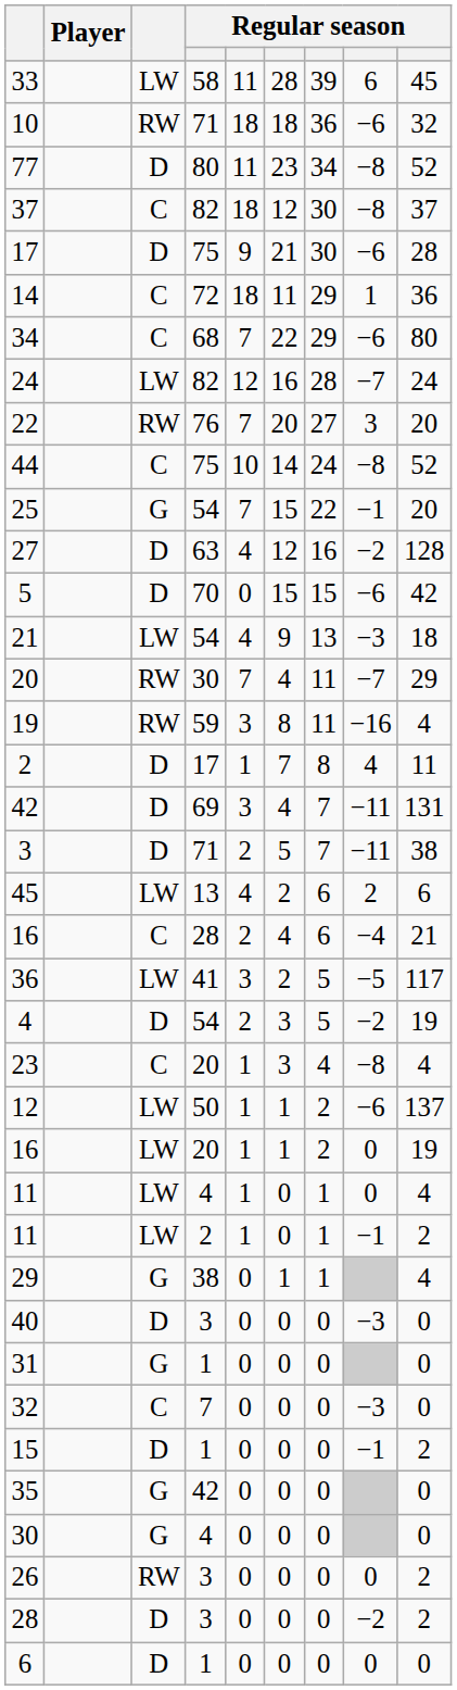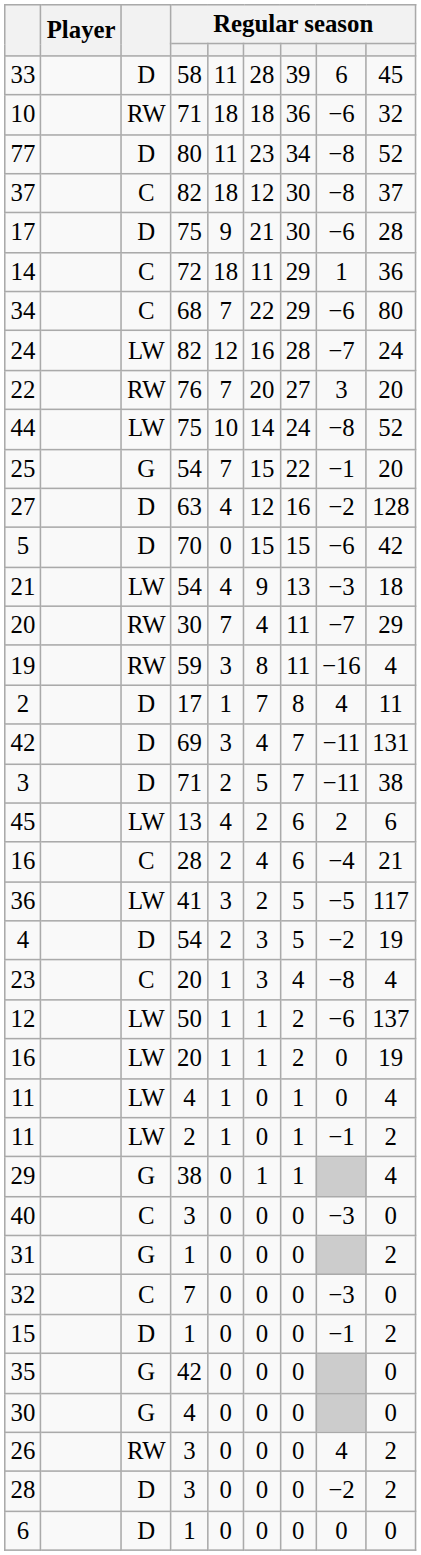 <table class="wikitable sortable plainrowheaders" style="text-align:center;">
 <tr>
 <th scope="col" data-sort-type="number" rowspan="2"></th>
 <th scope="col" rowspan="2">Player</th>
 <th scope="col" rowspan="2"></th>
 <th scope=colgroup colspan=6>Regular season</th>
 </tr>
 <tr>
 <th scope="col" data-sort-type="number"></th>
 <th scope="col" data-sort-type="number"></th>
 <th scope="col" data-sort-type="number"></th>
 <th scope="col" data-sort-type="number"></th>
 <th scope="col" data-sort-type="number"></th>
 <th scope="col" data-sort-type="number"></th>
 </tr>
 <tr>
 <td scope="row">33</td>
 <td align="left"></td>
-<td>LW</td>
+<td>D</td>
 <td>58</td>
 <td>11</td>
 <td>28</td>
 <td>39</td>
 <td>6</td>
 <td>45</td>
 </tr>
 <tr>
 <td scope="row">10</td>
 <td align="left"></td>
 <td>RW</td>
 <td>71</td>
 <td>18</td>
 <td>18</td>
 <td>36</td>
 <td>−6</td>
 <td>32</td>
 </tr>
 <tr>
 <td scope="row">77</td>
 <td align="left"></td>
 <td>D</td>
 <td>80</td>
 <td>11</td>
 <td>23</td>
 <td>34</td>
 <td>−8</td>
 <td>52</td>
 </tr>
 <tr>
 <td scope="row">37</td>
 <td align="left"></td>
 <td>C</td>
 <td>82</td>
 <td>18</td>
 <td>12</td>
 <td>30</td>
 <td>−8</td>
 <td>37</td>
 </tr>
 <tr>
 <td scope="row">17</td>
 <td align="left"></td>
 <td>D</td>
 <td>75</td>
 <td>9</td>
 <td>21</td>
 <td>30</td>
 <td>−6</td>
 <td>28</td>
 </tr>
 <tr>
 <td scope="row">14</td>
 <td align="left"></td>
 <td>C</td>
 <td>72</td>
 <td>18</td>
 <td>11</td>
 <td>29</td>
 <td>1</td>
 <td>36</td>
 </tr>
 <tr>
 <td scope="row">34</td>
 <td align="left"></td>
 <td>C</td>
 <td>68</td>
 <td>7</td>
 <td>22</td>
 <td>29</td>
 <td>−6</td>
 <td>80</td>
 </tr>
 <tr>
 <td scope="row">24</td>
 <td align="left"></td>
 <td>LW</td>
 <td>82</td>
 <td>12</td>
 <td>16</td>
 <td>28</td>
 <td>−7</td>
 <td>24</td>
 </tr>
 <tr>
 <td scope="row">22</td>
 <td align="left"></td>
 <td>RW</td>
 <td>76</td>
 <td>7</td>
 <td>20</td>
 <td>27</td>
 <td>3</td>
 <td>20</td>
 </tr>
 <tr>
 <td scope="row">44</td>
 <td align="left"></td>
-<td>C</td>
+<td>LW</td>
 <td>75</td>
 <td>10</td>
 <td>14</td>
 <td>24</td>
 <td>−8</td>
 <td>52</td>
 </tr>
 <tr>
 <td scope="row">25</td>
 <td align="left"></td>
 <td>G</td>
 <td>54</td>
 <td>7</td>
 <td>15</td>
 <td>22</td>
 <td>−1</td>
 <td>20</td>
 </tr>
 <tr>
 <td scope="row">27</td>
 <td align="left"></td>
 <td>D</td>
 <td>63</td>
 <td>4</td>
 <td>12</td>
 <td>16</td>
 <td>−2</td>
 <td>128</td>
 </tr>
 <tr>
 <td scope="row">5</td>
 <td align="left"></td>
 <td>D</td>
 <td>70</td>
 <td>0</td>
 <td>15</td>
 <td>15</td>
 <td>−6</td>
 <td>42</td>
 </tr>
 <tr>
 <td scope="row">21</td>
 <td align="left"></td>
 <td>LW</td>
 <td>54</td>
 <td>4</td>
 <td>9</td>
 <td>13</td>
 <td>−3</td>
 <td>18</td>
 </tr>
 <tr>
 <td scope="row">20</td>
 <td align="left"></td>
 <td>RW</td>
 <td>30</td>
 <td>7</td>
 <td>4</td>
 <td>11</td>
 <td>−7</td>
 <td>29</td>
 </tr>
 <tr>
 <td scope="row">19</td>
 <td align="left"></td>
 <td>RW</td>
 <td>59</td>
 <td>3</td>
 <td>8</td>
 <td>11</td>
 <td>−16</td>
 <td>4</td>
 </tr>
 <tr>
 <td scope="row">2</td>
 <td align="left"></td>
 <td>D</td>
 <td>17</td>
 <td>1</td>
 <td>7</td>
 <td>8</td>
 <td>4</td>
 <td>11</td>
 </tr>
 <tr>
 <td scope="row">42</td>
 <td align="left"></td>
 <td>D</td>
 <td>69</td>
 <td>3</td>
 <td>4</td>
 <td>7</td>
 <td>−11</td>
 <td>131</td>
 </tr>
 <tr>
 <td scope="row">3</td>
 <td align="left"></td>
 <td>D</td>
 <td>71</td>
 <td>2</td>
 <td>5</td>
 <td>7</td>
 <td>−11</td>
 <td>38</td>
 </tr>
 <tr>
 <td scope="row">45</td>
 <td align="left"></td>
 <td>LW</td>
 <td>13</td>
 <td>4</td>
 <td>2</td>
 <td>6</td>
 <td>2</td>
 <td>6</td>
 </tr>
 <tr>
 <td scope="row">16</td>
 <td align="left"></td>
 <td>C</td>
 <td>28</td>
 <td>2</td>
 <td>4</td>
 <td>6</td>
 <td>−4</td>
 <td>21</td>
 </tr>
 <tr>
 <td scope="row">36</td>
 <td align="left"></td>
 <td>LW</td>
 <td>41</td>
 <td>3</td>
 <td>2</td>
 <td>5</td>
 <td>−5</td>
 <td>117</td>
 </tr>
 <tr>
 <td scope="row">4</td>
 <td align="left"></td>
 <td>D</td>
 <td>54</td>
 <td>2</td>
 <td>3</td>
 <td>5</td>
 <td>−2</td>
 <td>19</td>
 </tr>
 <tr>
 <td scope="row">23</td>
 <td align="left"></td>
 <td>C</td>
 <td>20</td>
 <td>1</td>
 <td>3</td>
 <td>4</td>
 <td>−8</td>
 <td>4</td>
 </tr>
 <tr>
 <td scope="row">12</td>
 <td align="left"></td>
 <td>LW</td>
 <td>50</td>
 <td>1</td>
 <td>1</td>
 <td>2</td>
 <td>−6</td>
 <td>137</td>
 </tr>
 <tr>
 <td scope="row">16</td>
 <td align="left"></td>
 <td>LW</td>
 <td>20</td>
 <td>1</td>
 <td>1</td>
 <td>2</td>
 <td>0</td>
 <td>19</td>
 </tr>
 <tr>
 <td scope="row">11</td>
 <td align="left"></td>
 <td>LW</td>
 <td>4</td>
 <td>1</td>
 <td>0</td>
 <td>1</td>
 <td>0</td>
 <td>4</td>
 </tr>
 <tr>
 <td scope="row">11</td>
 <td align="left"></td>
 <td>LW</td>
 <td>2</td>
 <td>1</td>
 <td>0</td>
 <td>1</td>
 <td>−1</td>
 <td>2</td>
 </tr>
 <tr>
 <td scope="row">29</td>
 <td align="left"></td>
 <td>G</td>
 <td>38</td>
 <td>0</td>
 <td>1</td>
 <td>1</td>
 <td style="background:#ccc"></td>
 <td>4</td>
 </tr>
 <tr>
 <td scope="row">40</td>
 <td align="left"></td>
-<td>D</td>
+<td>C</td>
 <td>3</td>
 <td>0</td>
 <td>0</td>
 <td>0</td>
 <td>−3</td>
 <td>0</td>
 </tr>
 <tr>
 <td scope="row">31</td>
 <td align="left"></td>
 <td>G</td>
 <td>1</td>
 <td>0</td>
 <td>0</td>
 <td>0</td>
 <td style="background:#ccc"></td>
-<td>0</td>
+<td>2</td>
 </tr>
 <tr>
 <td scope="row">32</td>
 <td align="left"></td>
 <td>C</td>
 <td>7</td>
 <td>0</td>
 <td>0</td>
 <td>0</td>
 <td>−3</td>
 <td>0</td>
 </tr>
 <tr>
 <td scope="row">15</td>
 <td align="left"></td>
 <td>D</td>
 <td>1</td>
 <td>0</td>
 <td>0</td>
 <td>0</td>
 <td>−1</td>
 <td>2</td>
 </tr>
 <tr>
 <td scope="row">35</td>
 <td align="left"></td>
 <td>G</td>
 <td>42</td>
 <td>0</td>
 <td>0</td>
 <td>0</td>
 <td style="background:#ccc"></td>
 <td>0</td>
 </tr>
 <tr>
 <td scope="row">30</td>
 <td align="left"></td>
 <td>G</td>
 <td>4</td>
 <td>0</td>
 <td>0</td>
 <td>0</td>
 <td style="background:#ccc"></td>
 <td>0</td>
 </tr>
 <tr>
 <td scope="row">26</td>
 <td align="left"></td>
 <td>RW</td>
 <td>3</td>
 <td>0</td>
 <td>0</td>
 <td>0</td>
-<td>0</td>
+<td>4</td>
 <td>2</td>
 </tr>
 <tr>
 <td scope="row">28</td>
 <td align="left"></td>
 <td>D</td>
 <td>3</td>
 <td>0</td>
 <td>0</td>
 <td>0</td>
 <td>−2</td>
 <td>2</td>
 </tr>
 <tr>
 <td scope="row">6</td>
 <td align="left"></td>
 <td>D</td>
 <td>1</td>
 <td>0</td>
 <td>0</td>
 <td>0</td>
 <td>0</td>
 <td>0</td>
 </tr>
 </table>
